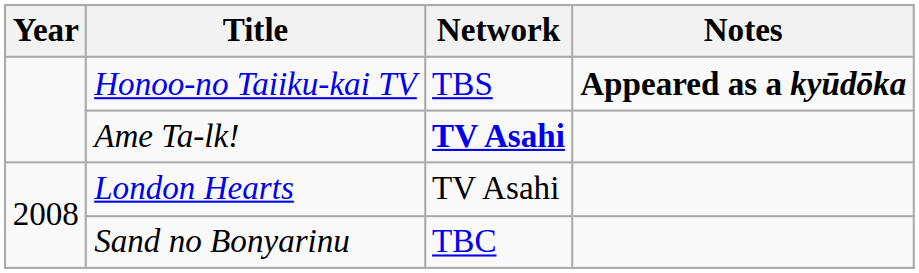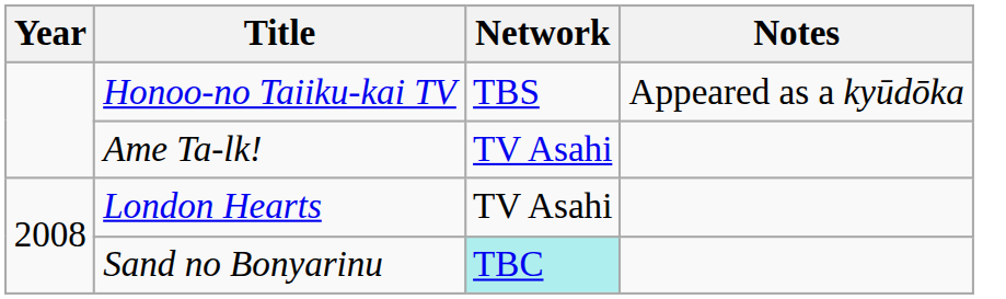 <table class="wikitable">
 <tr>
 <th>Year</th>
 <th>Title</th>
 <th>Network</th>
 <th>Notes</th>
 </tr>
 <tr>
 <td rowspan="2"></td>
 <td><em><a href='#'>Honoo-no Taiiku-kai TV</a></em></td>
 <td><a href='#'>TBS</a></td>
-<td><strong>Appeared as a <em>kyūdōka</em></strong></td>
+<td>Appeared as a <em>kyūdōka</em></td>
 </tr>
 <tr>
 <td><em>Ame Ta-lk!</em></td>
-<td><strong><a href='#'>TV Asahi</a></strong></td>
+<td><a href='#'>TV Asahi</a></td>
 <td></td>
 </tr>
 <tr>
 <td rowspan="2">2008</td>
 <td><em><a href='#'>London Hearts</a></em></td>
 <td>TV Asahi</td>
 <td></td>
 </tr>
 <tr>
 <td><em>Sand no Bonyarinu</em></td>
-<td><a href='#'>TBC</a></td>
+<td style="background: paleturquoise;"><a href='#'>TBC</a></td>
 <td></td>
 </tr>
 </table>
